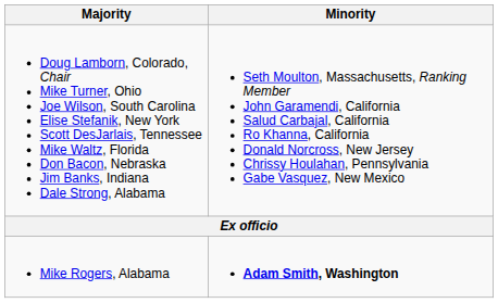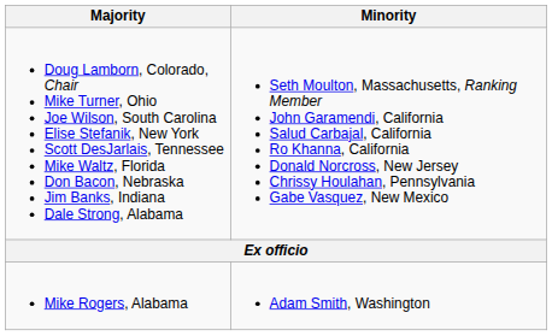 <table class=wikitable>
 <tr>
 <th>Majority</th>
 <th>Minority</th>
 </tr>
 <tr>
 <td><br><ul><li><a href='#'>Doug Lamborn</a>, Colorado, <em>Chair</em></li><li><a href='#'>Mike Turner</a>, Ohio</li><li><a href='#'>Joe Wilson</a>, South Carolina</li><li><a href='#'>Elise Stefanik</a>, New York</li><li><a href='#'>Scott DesJarlais</a>, Tennessee</li><li><a href='#'>Mike Waltz</a>, Florida</li><li><a href='#'>Don Bacon</a>, Nebraska</li><li><a href='#'>Jim Banks</a>, Indiana</li><li><a href='#'>Dale Strong</a>, Alabama</li></ul></td>
 <td><br><ul><li><a href='#'>Seth Moulton</a>, Massachusetts, <em>Ranking Member</em></li><li><a href='#'>John Garamendi</a>, California</li><li><a href='#'>Salud Carbajal</a>, California</li><li><a href='#'>Ro Khanna</a>, California</li><li><a href='#'>Donald Norcross</a>, New Jersey</li><li><a href='#'>Chrissy Houlahan</a>, Pennsylvania</li><li><a href='#'>Gabe Vasquez</a>, New Mexico</li></ul></td>
 </tr>
 <tr>
 <th colspan=2><em>Ex officio</em></th>
 </tr>
 <tr>
 <td><br><ul><li><a href='#'>Mike Rogers</a>, Alabama</li></ul></td>
-<td><strong><br><ul><li><a href='#'>Adam Smith</a>, Washington</li></ul></strong></td>
+<td><br><ul><li><a href='#'>Adam Smith</a>, Washington</li></ul></td>
 </tr>
 </table>
